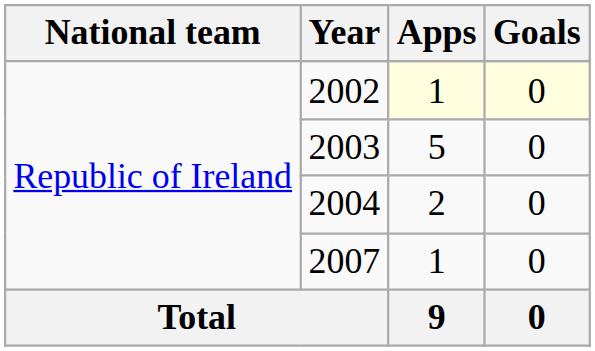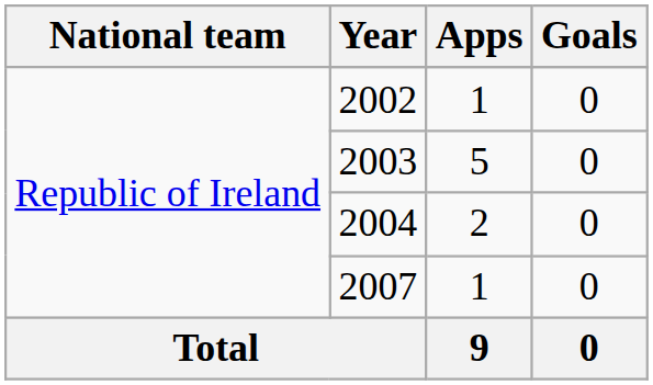 <table class="wikitable" style="text-align:center">
 <tr>
 <th>National team</th>
 <th>Year</th>
 <th>Apps</th>
 <th>Goals</th>
 </tr>
 <tr>
 <td rowspan=5><a href='#'>Republic of Ireland</a></td>
 </tr>
 <tr>
 <td>2002</td>
-<td style="background: lightyellow;">1</td>
-<td style="background: lightyellow;">0</td>
+<td>1</td>
+<td>0</td>
 </tr>
 <tr>
 <td>2003</td>
 <td>5</td>
 <td>0</td>
 </tr>
 <tr>
 <td>2004</td>
 <td>2</td>
 <td>0</td>
 </tr>
 <tr>
 <td>2007</td>
 <td>1</td>
 <td>0</td>
 </tr>
 <tr>
 <th colspan=2>Total</th>
 <th>9</th>
 <th>0</th>
 </tr>
 </table>
